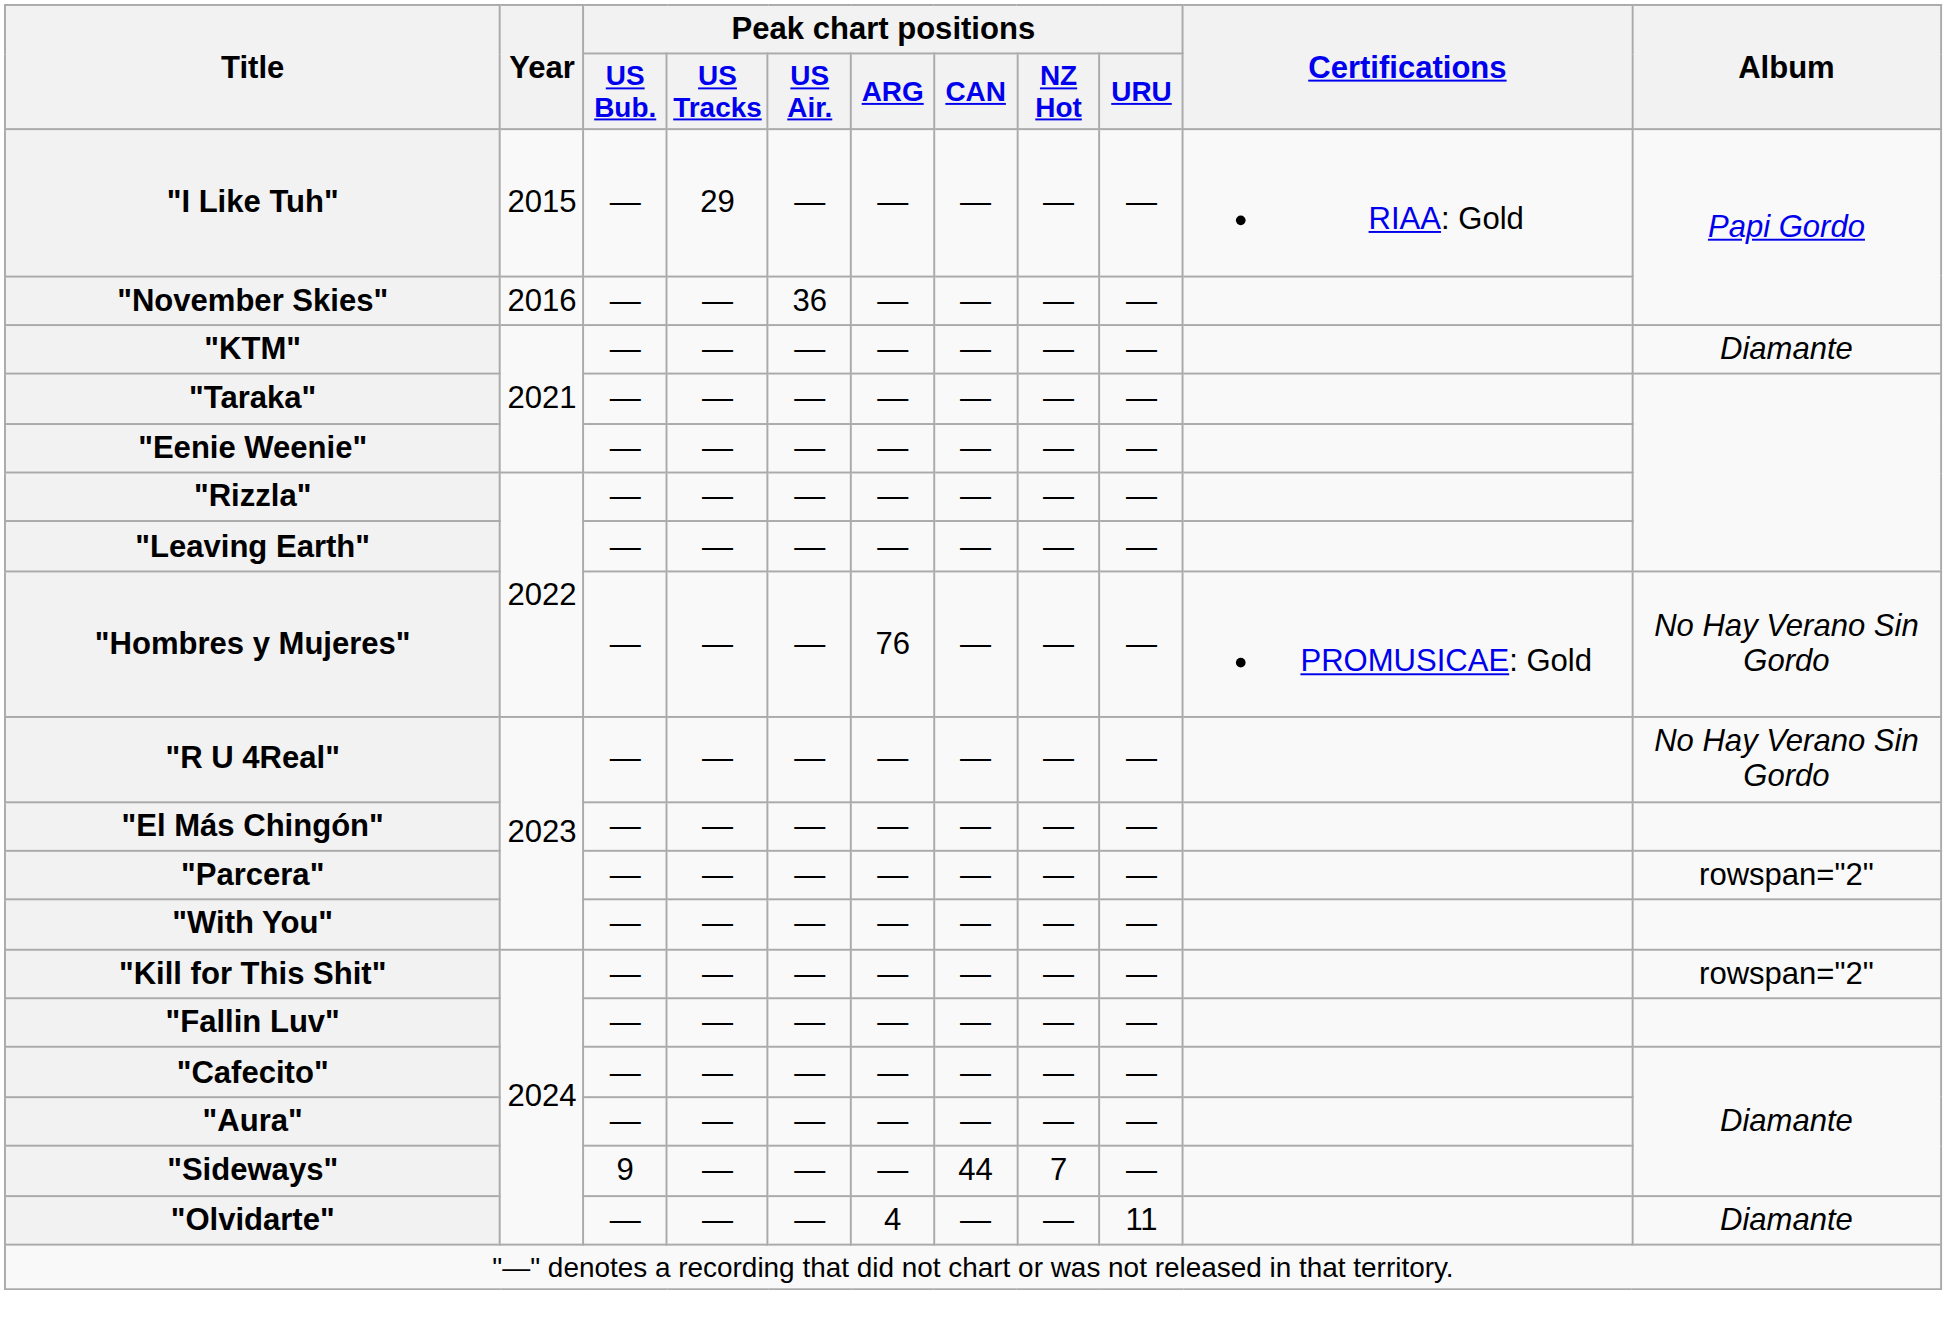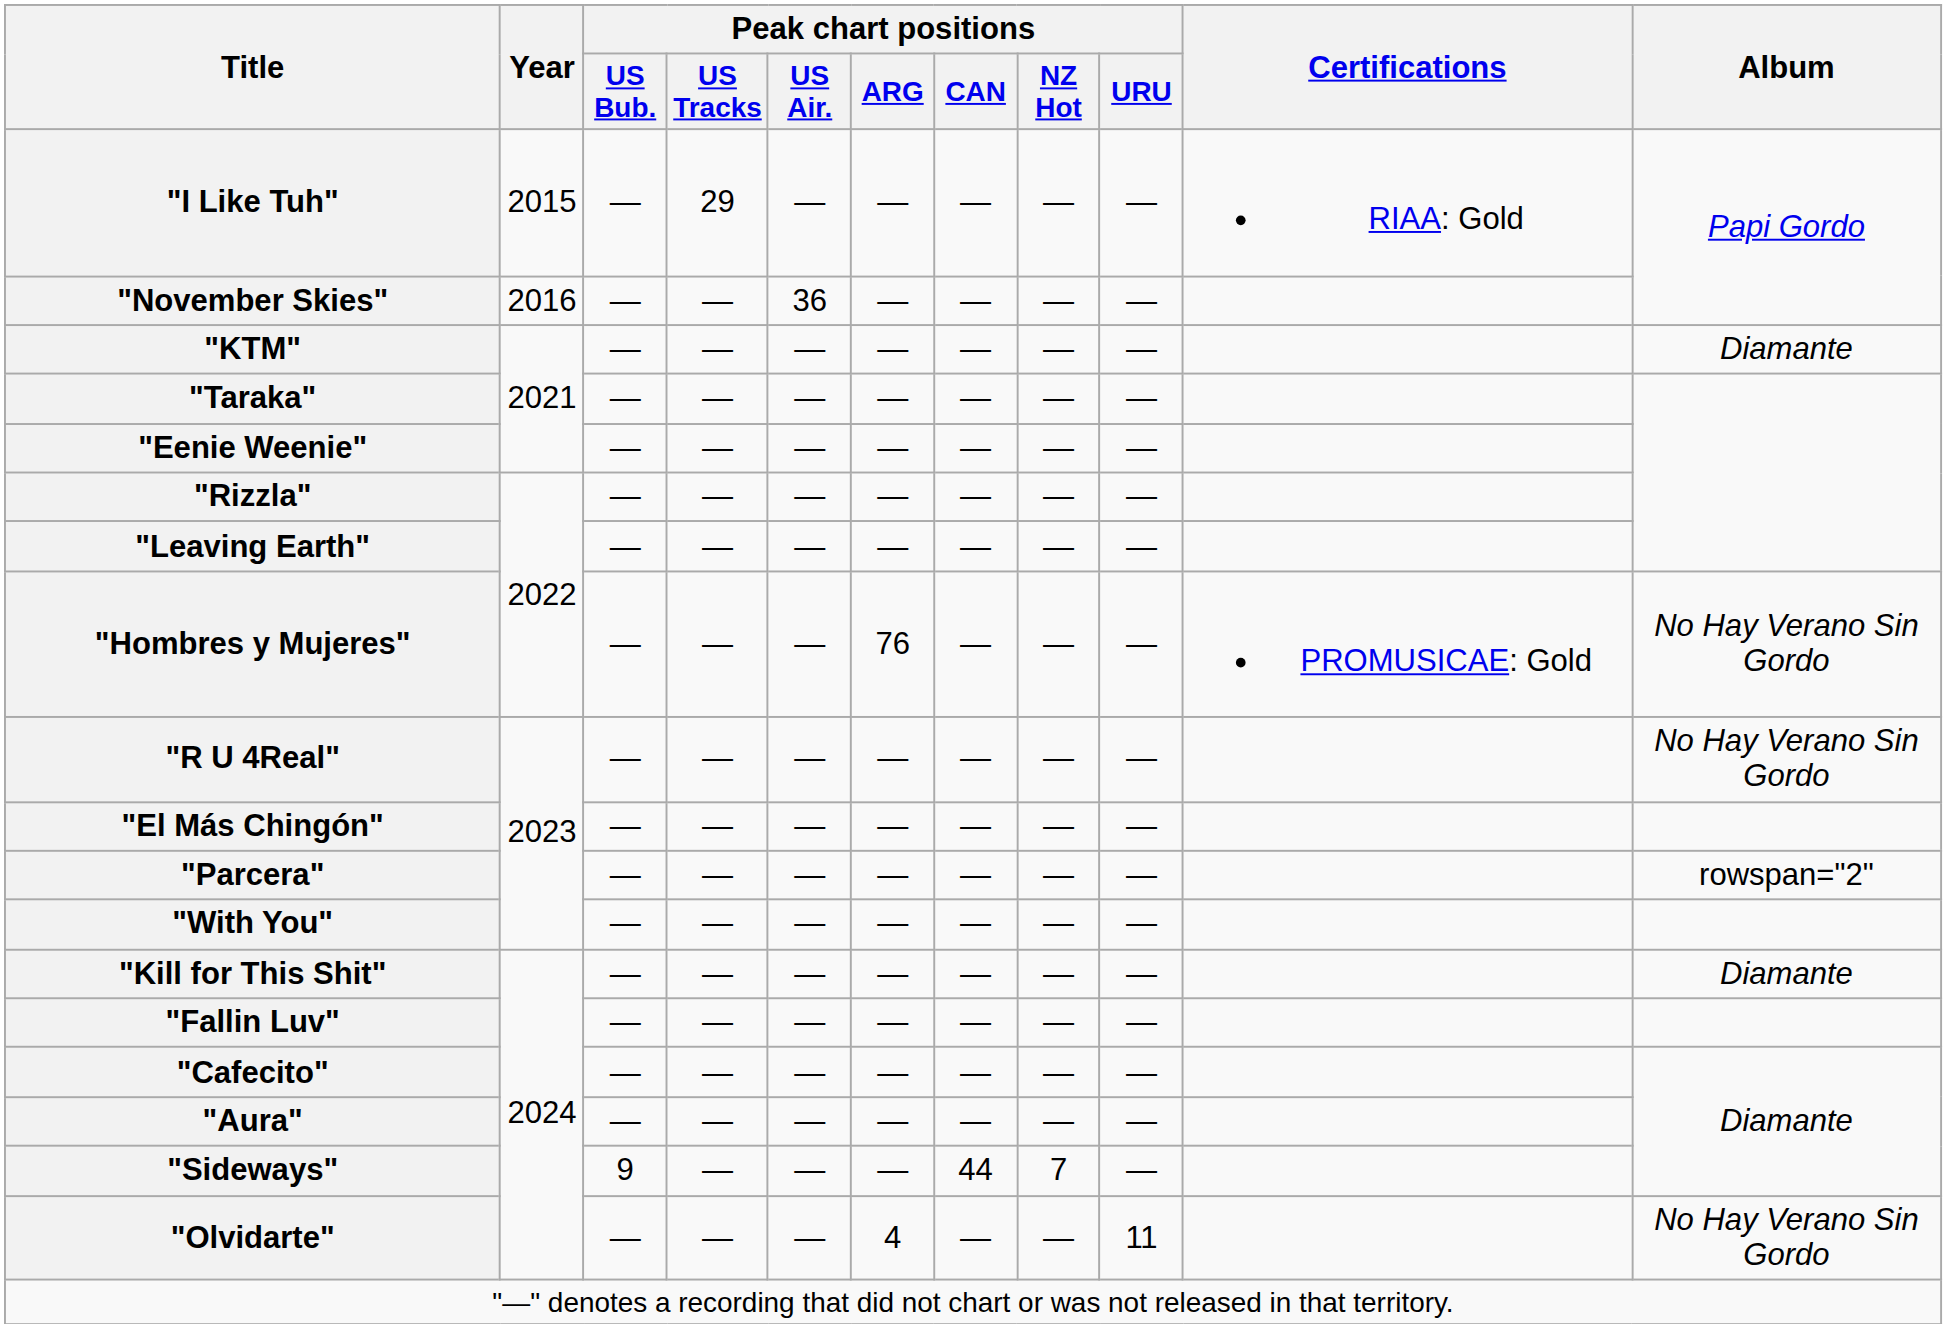 <table class="wikitable plainrowheaders" style="text-align:center;">
 <tr>
 <th scope="col" rowspan="2" style="width:15.5em;">Title</th>
 <th scope="col" rowspan="2" style="width:1em;">Year</th>
 <th scope="col" colspan="7">Peak chart positions</th>
 <th scope="col" rowspan="2" style="width:14em;"><a href='#'>Certifications</a></th>
 <th scope="col" rowspan="2" style="width:9.5em;">Album</th>
 </tr>
 <tr>
 <th scope="col" style="width:2.5em;font-size:90%;"><a href='#'>US<br>Bub.</a><br></th>
 <th scope="col" style="width:2.5em;font-size:90%;"><a href='#'>US<br>Tracks</a><br></th>
 <th scope="col" style="width:2.5em;font-size:90%;"><a href='#'>US<br>Air.</a><br></th>
 <th scope="col" style="width:2.5em;font-size:90%;"><a href='#'>ARG</a><br></th>
 <th scope="col" style="width:2.5em;font-size:90%;"><a href='#'>CAN</a><br></th>
 <th scope="col" style="width:2.5em;font-size:90%;"><a href='#'>NZ<br>Hot</a><br></th>
 <th scope="col" style="width:2.5em;font-size:90%;"><a href='#'>URU</a><br></th>
 </tr>
 <tr>
 <th scope="row">"I Like Tuh"<br></th>
 <td>2015</td>
 <td>—</td>
 <td>29</td>
 <td>—</td>
 <td>—</td>
 <td>—</td>
 <td>—</td>
 <td>—</td>
 <td><br><ul><li><a href='#'>RIAA</a>: Gold</li></ul></td>
 <td rowspan="2"><em><a href='#'>Papi Gordo</a></em></td>
 </tr>
 <tr>
 <th scope="row">"November Skies"<br></th>
 <td>2016</td>
 <td>—</td>
 <td>—</td>
 <td>36</td>
 <td>—</td>
 <td>—</td>
 <td>—</td>
 <td>—</td>
 </tr>
 <tr>
 <th scope="row">"KTM"</th>
 <td rowspan="3">2021</td>
 <td>—</td>
 <td>—</td>
 <td>—</td>
 <td>—</td>
 <td>—</td>
 <td>—</td>
 <td>—</td>
 <td></td>
 <td><em>Diamante</em></td>
 </tr>
 <tr>
 <th scope="row">"Taraka"</th>
 <td>—</td>
 <td>—</td>
 <td>—</td>
 <td>—</td>
 <td>—</td>
 <td>—</td>
 <td>—</td>
 <td></td>
 </tr>
 <tr>
 <th scope="row">"Eenie Weenie"</th>
 <td>—</td>
 <td>—</td>
 <td>—</td>
 <td>—</td>
 <td>—</td>
 <td>—</td>
 <td>—</td>
 <td></td>
 </tr>
 <tr>
 <th scope="row">"Rizzla"<br></th>
 <td rowspan="3">2022</td>
 <td>—</td>
 <td>—</td>
 <td>—</td>
 <td>—</td>
 <td>—</td>
 <td>—</td>
 <td>—</td>
 <td></td>
 </tr>
 <tr>
 <th scope="row">"Leaving Earth"<br></th>
 <td>—</td>
 <td>—</td>
 <td>—</td>
 <td>—</td>
 <td>—</td>
 <td>—</td>
 <td>—</td>
 <td></td>
 </tr>
 <tr>
 <th scope="row">"Hombres y Mujeres"<br></th>
 <td>—</td>
 <td>—</td>
 <td>—</td>
 <td>76</td>
 <td>—</td>
 <td>—</td>
 <td>—</td>
 <td><br><ul><li><a href='#'>PROMUSICAE</a>: Gold</li></ul></td>
 <td><em>No Hay Verano Sin Gordo</em></td>
 </tr>
 <tr>
 <th scope="row">"R U 4Real"<br></th>
 <td rowspan="4">2023</td>
 <td>—</td>
 <td>—</td>
 <td>—</td>
 <td>—</td>
 <td>—</td>
 <td>—</td>
 <td>—</td>
 <td></td>
 <td><em>No Hay Verano Sin Gordo</em></td>
 </tr>
 <tr>
 <th scope="row">"El Más Chingón"<br></th>
 <td>—</td>
 <td>—</td>
 <td>—</td>
 <td>—</td>
 <td>—</td>
 <td>—</td>
 <td>—</td>
 <td></td>
 </tr>
 <tr>
 <th scope="row">"Parcera"<br></th>
 <td>—</td>
 <td>—</td>
 <td>—</td>
 <td>—</td>
 <td>—</td>
 <td>—</td>
 <td>—</td>
 <td></td>
 <td>rowspan="2" </td>
 </tr>
 <tr>
 <th scope="row">"With You"<br></th>
 <td>—</td>
 <td>—</td>
 <td>—</td>
 <td>—</td>
 <td>—</td>
 <td>—</td>
 <td>—</td>
 <td></td>
 <td></td>
 </tr>
 <tr>
 <th scope="row">"Kill for This Shit"<br></th>
 <td rowspan="6">2024</td>
 <td>—</td>
 <td>—</td>
 <td>—</td>
 <td>—</td>
 <td>—</td>
 <td>—</td>
 <td>—</td>
 <td></td>
-<td>rowspan="2" </td>
+<td><em>Diamante</em></td>
 </tr>
 <tr>
 <th scope="row">"Fallin Luv"<br></th>
 <td>—</td>
 <td>—</td>
 <td>—</td>
 <td>—</td>
 <td>—</td>
 <td>—</td>
 <td>—</td>
 <td></td>
 <td></td>
 </tr>
 <tr>
 <th scope="row">"Cafecito"<br></th>
 <td>—</td>
 <td>—</td>
 <td>—</td>
 <td>—</td>
 <td>—</td>
 <td>—</td>
 <td>—</td>
 <td></td>
 <td rowspan="3"><em>Diamante</em></td>
 </tr>
 <tr>
 <th scope="row">"Aura"<br></th>
 <td>—</td>
 <td>—</td>
 <td>—</td>
 <td>—</td>
 <td>—</td>
 <td>—</td>
 <td>—</td>
 <td></td>
 </tr>
 <tr>
 <th scope="row">"Sideways"<br></th>
 <td>9</td>
 <td>—</td>
 <td>—</td>
 <td>—</td>
 <td>44</td>
 <td>7</td>
 <td>—</td>
 <td></td>
 </tr>
 <tr>
 <th scope="row">"Olvidarte"<br></th>
 <td>—</td>
 <td>—</td>
 <td>—</td>
 <td>4<br></td>
 <td>—</td>
 <td>—</td>
 <td>11</td>
 <td></td>
-<td><em>Diamante</em></td>
+<td><em>No Hay Verano Sin Gordo</em></td>
 </tr>
 <tr>
 <td colspan="11" style="font-size:90%">"—" denotes a recording that did not chart or was not released in that territory.</td>
 </tr>
 </table>
